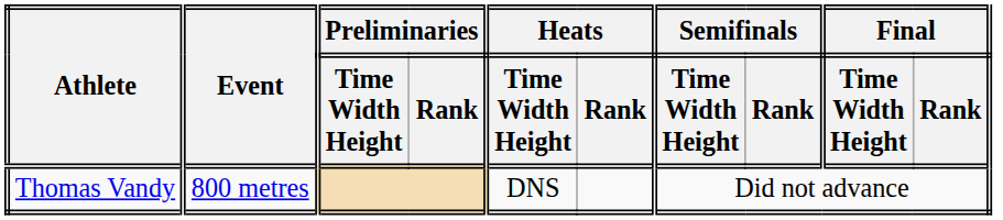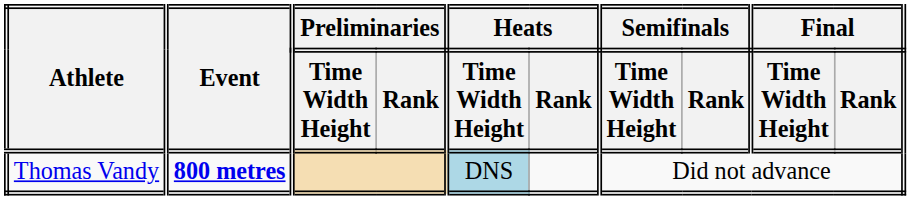 <table class=wikitable style="font-size:90%; border: double;">
 <tr>
 <th rowspan="2" style="border-right:double">Athlete</th>
 <th rowspan="2" style="border-right:double">Event</th>
 <th colspan="2" style="border-right:double; border-bottom:double;">Preliminaries</th>
 <th colspan="2" style="border-right:double; border-bottom:double;">Heats</th>
 <th colspan="2" style="border-right:double; border-bottom:double;">Semifinals</th>
 <th colspan="2" style="border-right:double; border-bottom:double;">Final</th>
 </tr>
 <tr>
 <th>Time<br>Width<br>Height</th>
 <th style="border-right:double">Rank</th>
 <th>Time<br>Width<br>Height</th>
 <th style="border-right:double">Rank</th>
 <th>Time<br>Width<br>Height</th>
 <th style="border-right:double">Rank</th>
 <th>Time<br>Width<br>Height</th>
 <th style="border-right:double">Rank</th>
 </tr>
 <tr style="border-top: double;">
 <td style="border-right:double"><a href='#'>Thomas Vandy</a></td>
-<td style="border-right:double"><a href='#'>800 metres</a></td>
+<td style="border-right:double"><strong><a href='#'>800 metres</a></strong></td>
 <td style="border-right:double" colspan= 2 bgcolor="wheat"></td>
-<td align=center>DNS</td>
+<td align=center style="background: lightblue;">DNS</td>
 <td align=center style="border-right:double"></td>
 <td colspan="4" align=center>Did not advance</td>
 </tr>
 </table>
